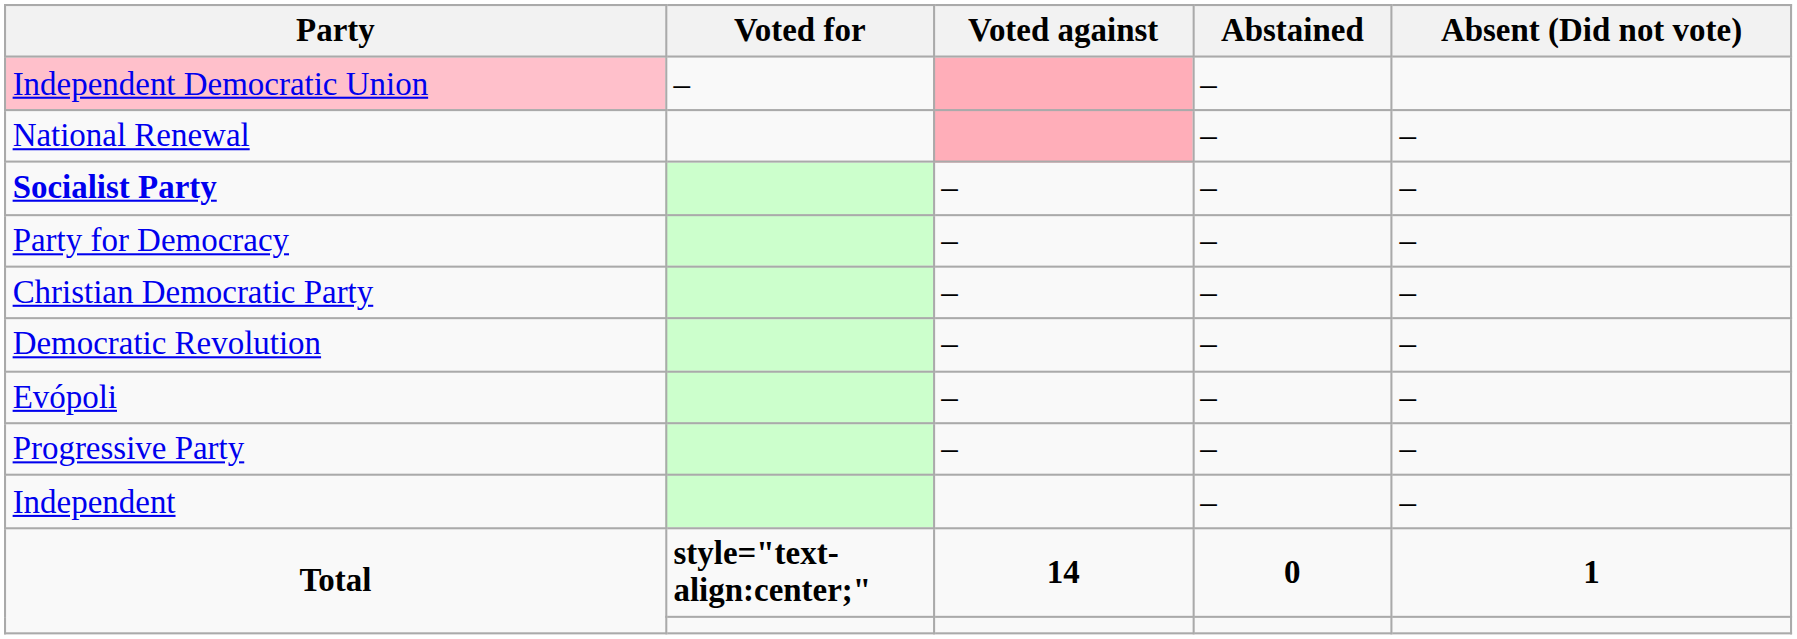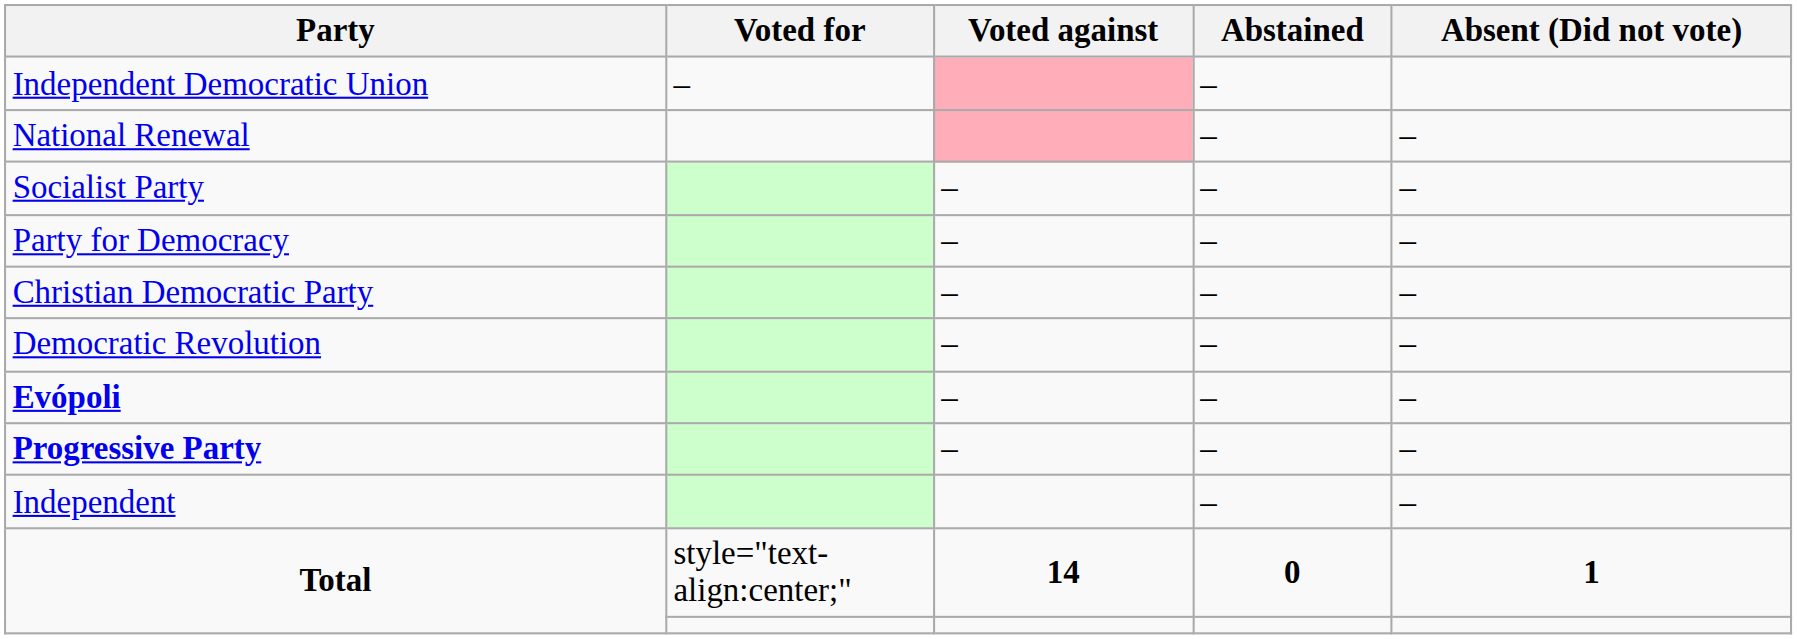 <table class="wikitable">
 <tr>
 <th style="width:37%;">Party</th>
 <th style="width:15%;">Voted for</th>
 <th>Voted against</th>
 <th>Abstained</th>
 <th>Absent (Did not vote)</th>
 </tr>
 <tr>
-<td style="background: pink;"> <a href='#'>Independent Democratic Union</a></td>
+<td> <a href='#'>Independent Democratic Union</a></td>
 <td>–</td>
 <td style="background-color:#FFAEB9;"></td>
 <td>–</td>
 <td></td>
 </tr>
 <tr>
 <td> <a href='#'>National Renewal</a></td>
 <td></td>
 <td style="background-color:#FFAEB9;"></td>
 <td>–</td>
 <td>–</td>
 </tr>
 <tr>
-<td><strong> <a href='#'>Socialist Party</a></strong></td>
+<td> <a href='#'>Socialist Party</a></td>
 <td style="background-color:#CCFFCC;"></td>
 <td>–</td>
 <td>–</td>
 <td>–</td>
 </tr>
 <tr>
 <td> <a href='#'>Party for Democracy</a></td>
 <td style="background-color:#CCFFCC;"></td>
 <td>–</td>
 <td>–</td>
 <td>–</td>
 </tr>
 <tr>
 <td> <a href='#'>Christian Democratic Party</a></td>
 <td style="background-color:#CCFFCC;"></td>
 <td>–</td>
 <td>–</td>
 <td>–</td>
 </tr>
 <tr>
 <td> <a href='#'>Democratic Revolution</a></td>
 <td style="background-color:#CCFFCC;"></td>
 <td>–</td>
 <td>–</td>
 <td>–</td>
 </tr>
 <tr>
-<td> <a href='#'>Evópoli</a></td>
+<td><strong> <a href='#'>Evópoli</a></strong></td>
 <td style="background-color:#CCFFCC;"></td>
 <td>–</td>
 <td>–</td>
 <td>–</td>
 </tr>
 <tr>
-<td> <a href='#'>Progressive Party</a></td>
+<td><strong> <a href='#'>Progressive Party</a></strong></td>
 <td style="background-color:#CCFFCC;"></td>
 <td>–</td>
 <td>–</td>
 <td>–</td>
 </tr>
 <tr>
 <td> <a href='#'>Independent</a></td>
 <td style="background-color:#CCFFCC;"></td>
 <td></td>
 <td>–</td>
 <td>–</td>
 </tr>
 <tr>
 <td style="text-align:center;" rowspan="2"><strong>Total</strong></td>
-<td><strong>style="text-align:center;" </strong></td>
+<td>style="text-align:center;" </td>
 <td style="text-align:center;"><strong>14</strong></td>
 <td style="text-align:center;"><strong>0</strong></td>
 <td style="text-align:center;"><strong>1</strong></td>
 </tr>
 <tr>
 <td style="text-align:center;"></td>
 <td style="text-align:center;"></td>
 <td style="text-align:center;"></td>
 <td style="text-align:center;"></td>
 </tr>
 </table>
